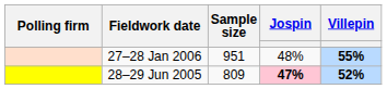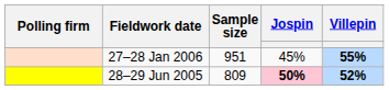 <table class="wikitable sortable" style="text-align:center;font-size:90%;line-height:14px;">
 <tr style="height:40px;">
 <th style="width:100px;" rowspan="2">Polling firm</th>
 <th style="width:110px;" rowspan="2">Fieldwork date</th>
 <th style="width:35px;" rowspan="2">Sample<br>size</th>
 <th class="unsortable" style="width:60px;"><a href='#'>Jospin</a><br></th>
 <th class="unsortable" style="width:60px;"><a href='#'>Villepin</a><br></th>
 </tr>
 <tr>
 <th style="background:"></th>
 <th style="background:"></th>
 </tr>
 <tr>
 <td style="background:#FFDFCC;"></td>
 <td data-sort-value="2006-01-28">27–28 Jan 2006</td>
 <td>951</td>
-<td>48%</td>
+<td>45%</td>
 <td style="background:#B9DAFF;"><strong>55%</strong></td>
 </tr>
 <tr>
 <td style="background:yellow;"></td>
 <td data-sort-value="2005-06-29">28–29 Jun 2005</td>
 <td>809</td>
-<td style="background:#FFC6D5;"><strong>47%</strong></td>
+<td style="background:#FFC6D5;"><strong>50%</strong></td>
 <td style="background:#B9DAFF;"><strong>52%</strong></td>
 </tr>
 </table>
